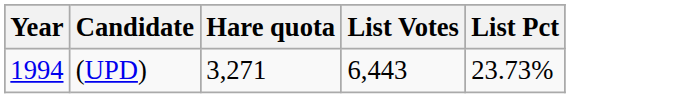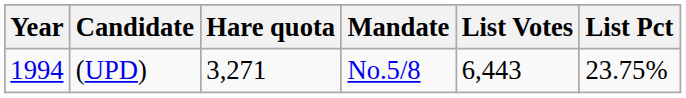 <table class="wikitable" style="margin:0.5em ; font-size:95%">
 <tr>
 <th>Year</th>
 <th>Candidate</th>
 <th>Hare quota</th>
+<th>Mandate</th>
 <th>List Votes</th>
 <th>List Pct</th>
 </tr>
 <tr>
 <td><a href='#'>1994</a></td>
 <td> (<a href='#'>UPD</a>)</td>
 <td>3,271</td>
+<td><a href='#'>No.5/8</a></td>
 <td>6,443</td>
-<td>23.73%</td>
+<td>23.75%</td>
 </tr>
 </table>
